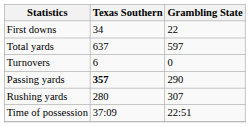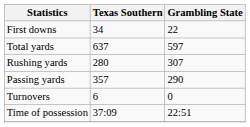 <table class="wikitable">
 <tr>
 <th>Statistics</th>
 <th>Texas Southern</th>
 <th>Grambling State</th>
 </tr>
 <tr>
 <td>First downs</td>
 <td>34</td>
 <td>22</td>
 </tr>
 <tr>
 <td>Total yards</td>
 <td>637</td>
 <td>597</td>
 </tr>
 <tr>
+<td>Rushing yards</td>
+<td>280</td>
+<td>307</td>
+</tr>
+<tr>
+<td>Passing yards</td>
+<td>357</td>
+<td>290</td>
+</tr>
+<tr>
 <td>Turnovers</td>
 <td>6</td>
 <td>0</td>
-</tr>
-<tr>
-<td>Passing yards</td>
-<td><strong>357</strong></td>
-<td>290</td>
-</tr>
-<tr>
-<td>Rushing yards</td>
-<td>280</td>
-<td>307</td>
 </tr>
 <tr>
 <td>Time of possession</td>
 <td>37:09</td>
 <td>22:51</td>
 </tr>
 <tr>
 </tr>
 </table>
